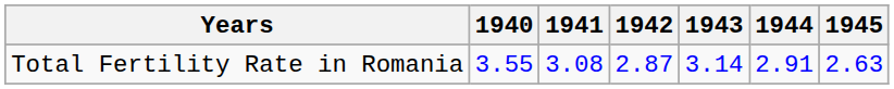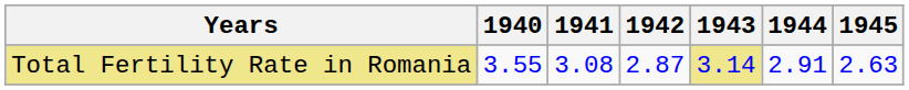 <table class="wikitable " style="text-align:right">
 <tr>
 <th>Years</th>
 <th>1940</th>
 <th>1941</th>
 <th>1942</th>
 <th>1943</th>
 <th>1944</th>
 <th>1945</th>
 </tr>
 <tr>
-<td align="left">Total Fertility Rate in Romania</td>
+<td align="left" style="background: khaki;">Total Fertility Rate in Romania</td>
 <td style="text-align:right; color:blue;">3.55</td>
 <td style="text-align:right; color:blue;">3.08</td>
 <td style="text-align:right; color:blue;">2.87</td>
-<td style="text-align:right; color:blue;">3.14</td>
+<td style="background: khaki; text-align:right; color:blue;">3.14</td>
 <td style="text-align:right; color:blue;">2.91</td>
 <td style="text-align:right; color:blue;">2.63</td>
 </tr>
 </table>
